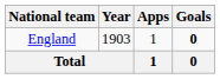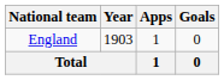 <table class=wikitable style="text-align: center">
 <tr>
 <th>National team</th>
 <th>Year</th>
 <th>Apps</th>
 <th>Goals</th>
 </tr>
 <tr>
 <td><a href='#'>England</a></td>
 <td>1903</td>
 <td>1</td>
-<td><strong>0</strong></td>
+<td>0</td>
 </tr>
 <tr>
 <th colspan=2>Total</th>
 <th>1</th>
 <th>0</th>
 </tr>
 </table>
